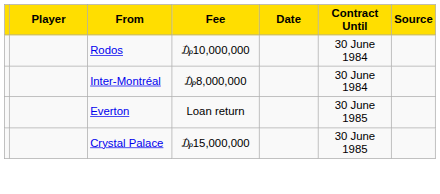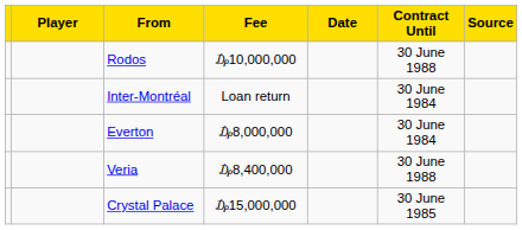 <table class="wikitable sortable">
 <tr>
 <th style="background:#FFDE00"></th>
 <th width=200 style="background:#FFDE00">Player</th>
 <th width=200 style="background:#FFDE00">From</th>
 <th width=150 style="background:#FFDE00">Fee</th>
 <th width=150 style="background:#FFDE00">Date</th>
 <th width=150 style="background:#FFDE00">Contract Until</th>
 <th style="background:#FFDE00">Source</th>
 </tr>
 <tr>
 <td align=center></td>
 <td></td>
 <td> <a href='#'>Rodos</a></td>
 <td align=center>₯10,000,000</td>
 <td align=center></td>
+<td align=center>30 June 1988</td>
+<td align=center></td>
+</tr>
+<tr>
+<td align=center></td>
+<td></td>
+<td> <a href='#'>Inter-Montréal</a></td>
+<td align=center>Loan return</td>
+<td align=center></td>
 <td align=center>30 June 1984</td>
 <td align=center></td>
 </tr>
 <tr>
 <td align=center></td>
 <td></td>
-<td> <a href='#'>Inter-Montréal</a></td>
+<td> <a href='#'>Everton</a></td>
 <td align=center>₯8,000,000</td>
 <td align=center></td>
 <td align=center>30 June 1984</td>
 <td align=center></td>
 </tr>
 <tr>
 <td align=center></td>
 <td></td>
-<td> <a href='#'>Everton</a></td>
-<td align=center>Loan return</td>
+<td> <a href='#'>Veria</a></td>
+<td align=center>₯8,400,000</td>
 <td align=center></td>
-<td align=center>30 June 1985</td>
+<td align=center>30 June 1988</td>
 <td align=center></td>
 </tr>
 <tr>
 <td align=center></td>
 <td></td>
 <td> <a href='#'>Crystal Palace</a></td>
 <td align=center>₯15,000,000</td>
 <td align=center></td>
 <td align=center>30 June 1985</td>
 <td align=center></td>
 </tr>
 </table>
